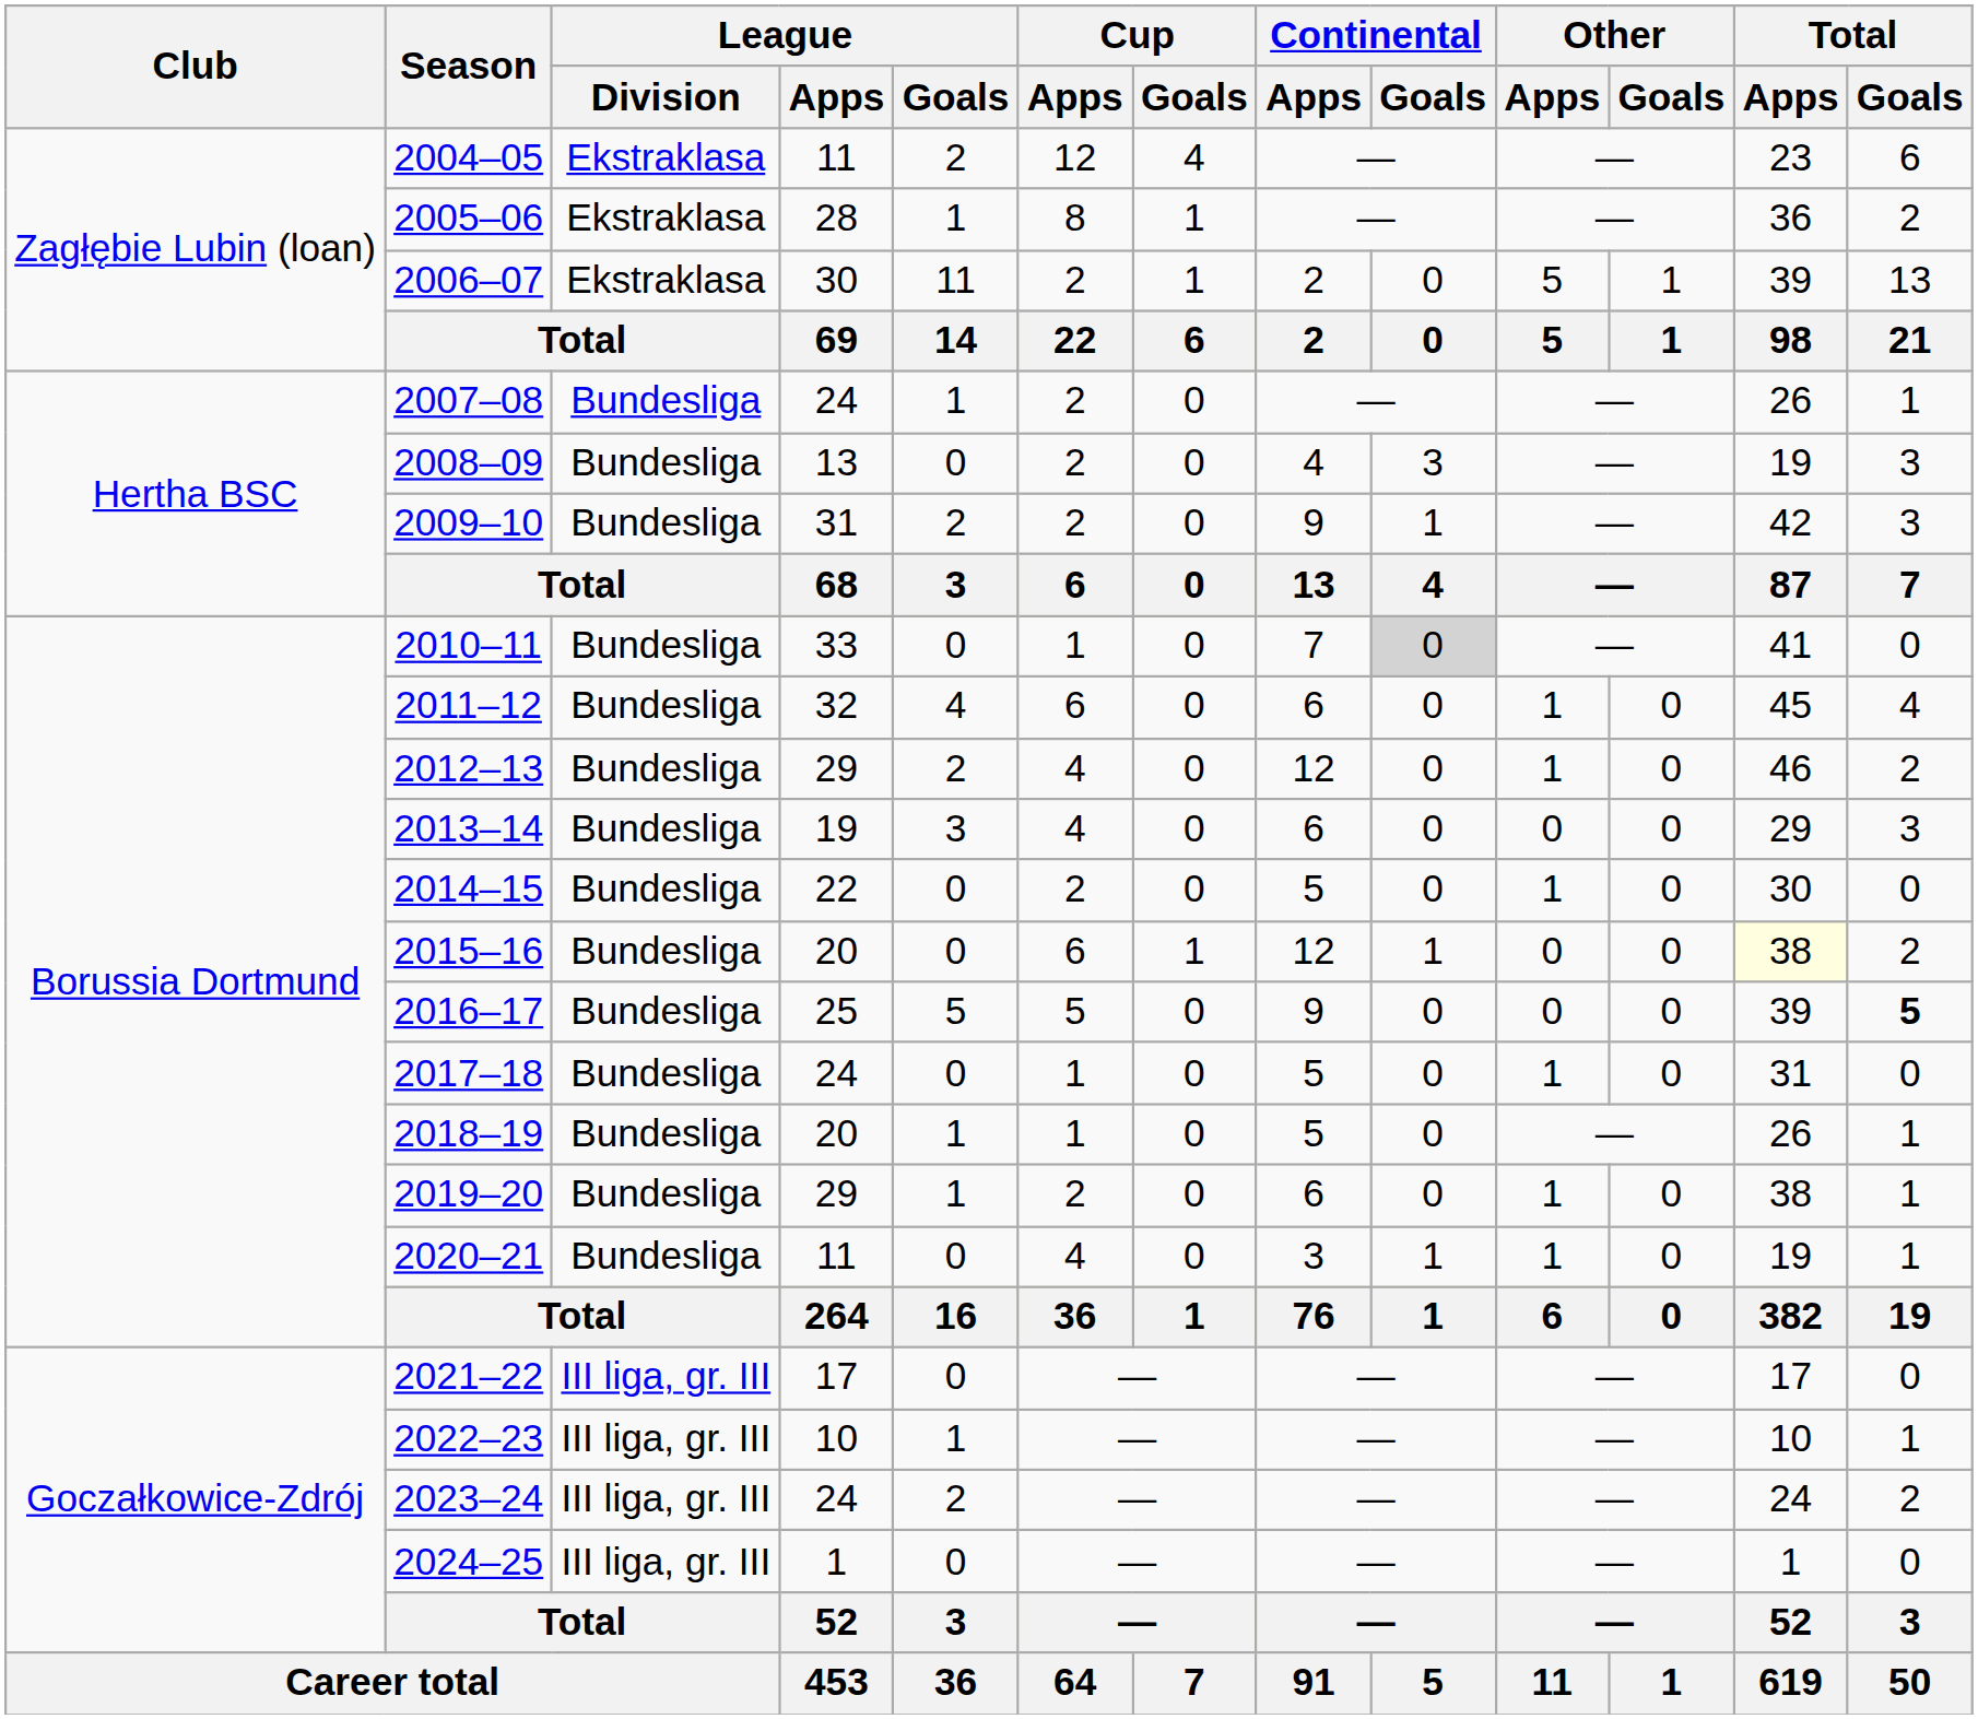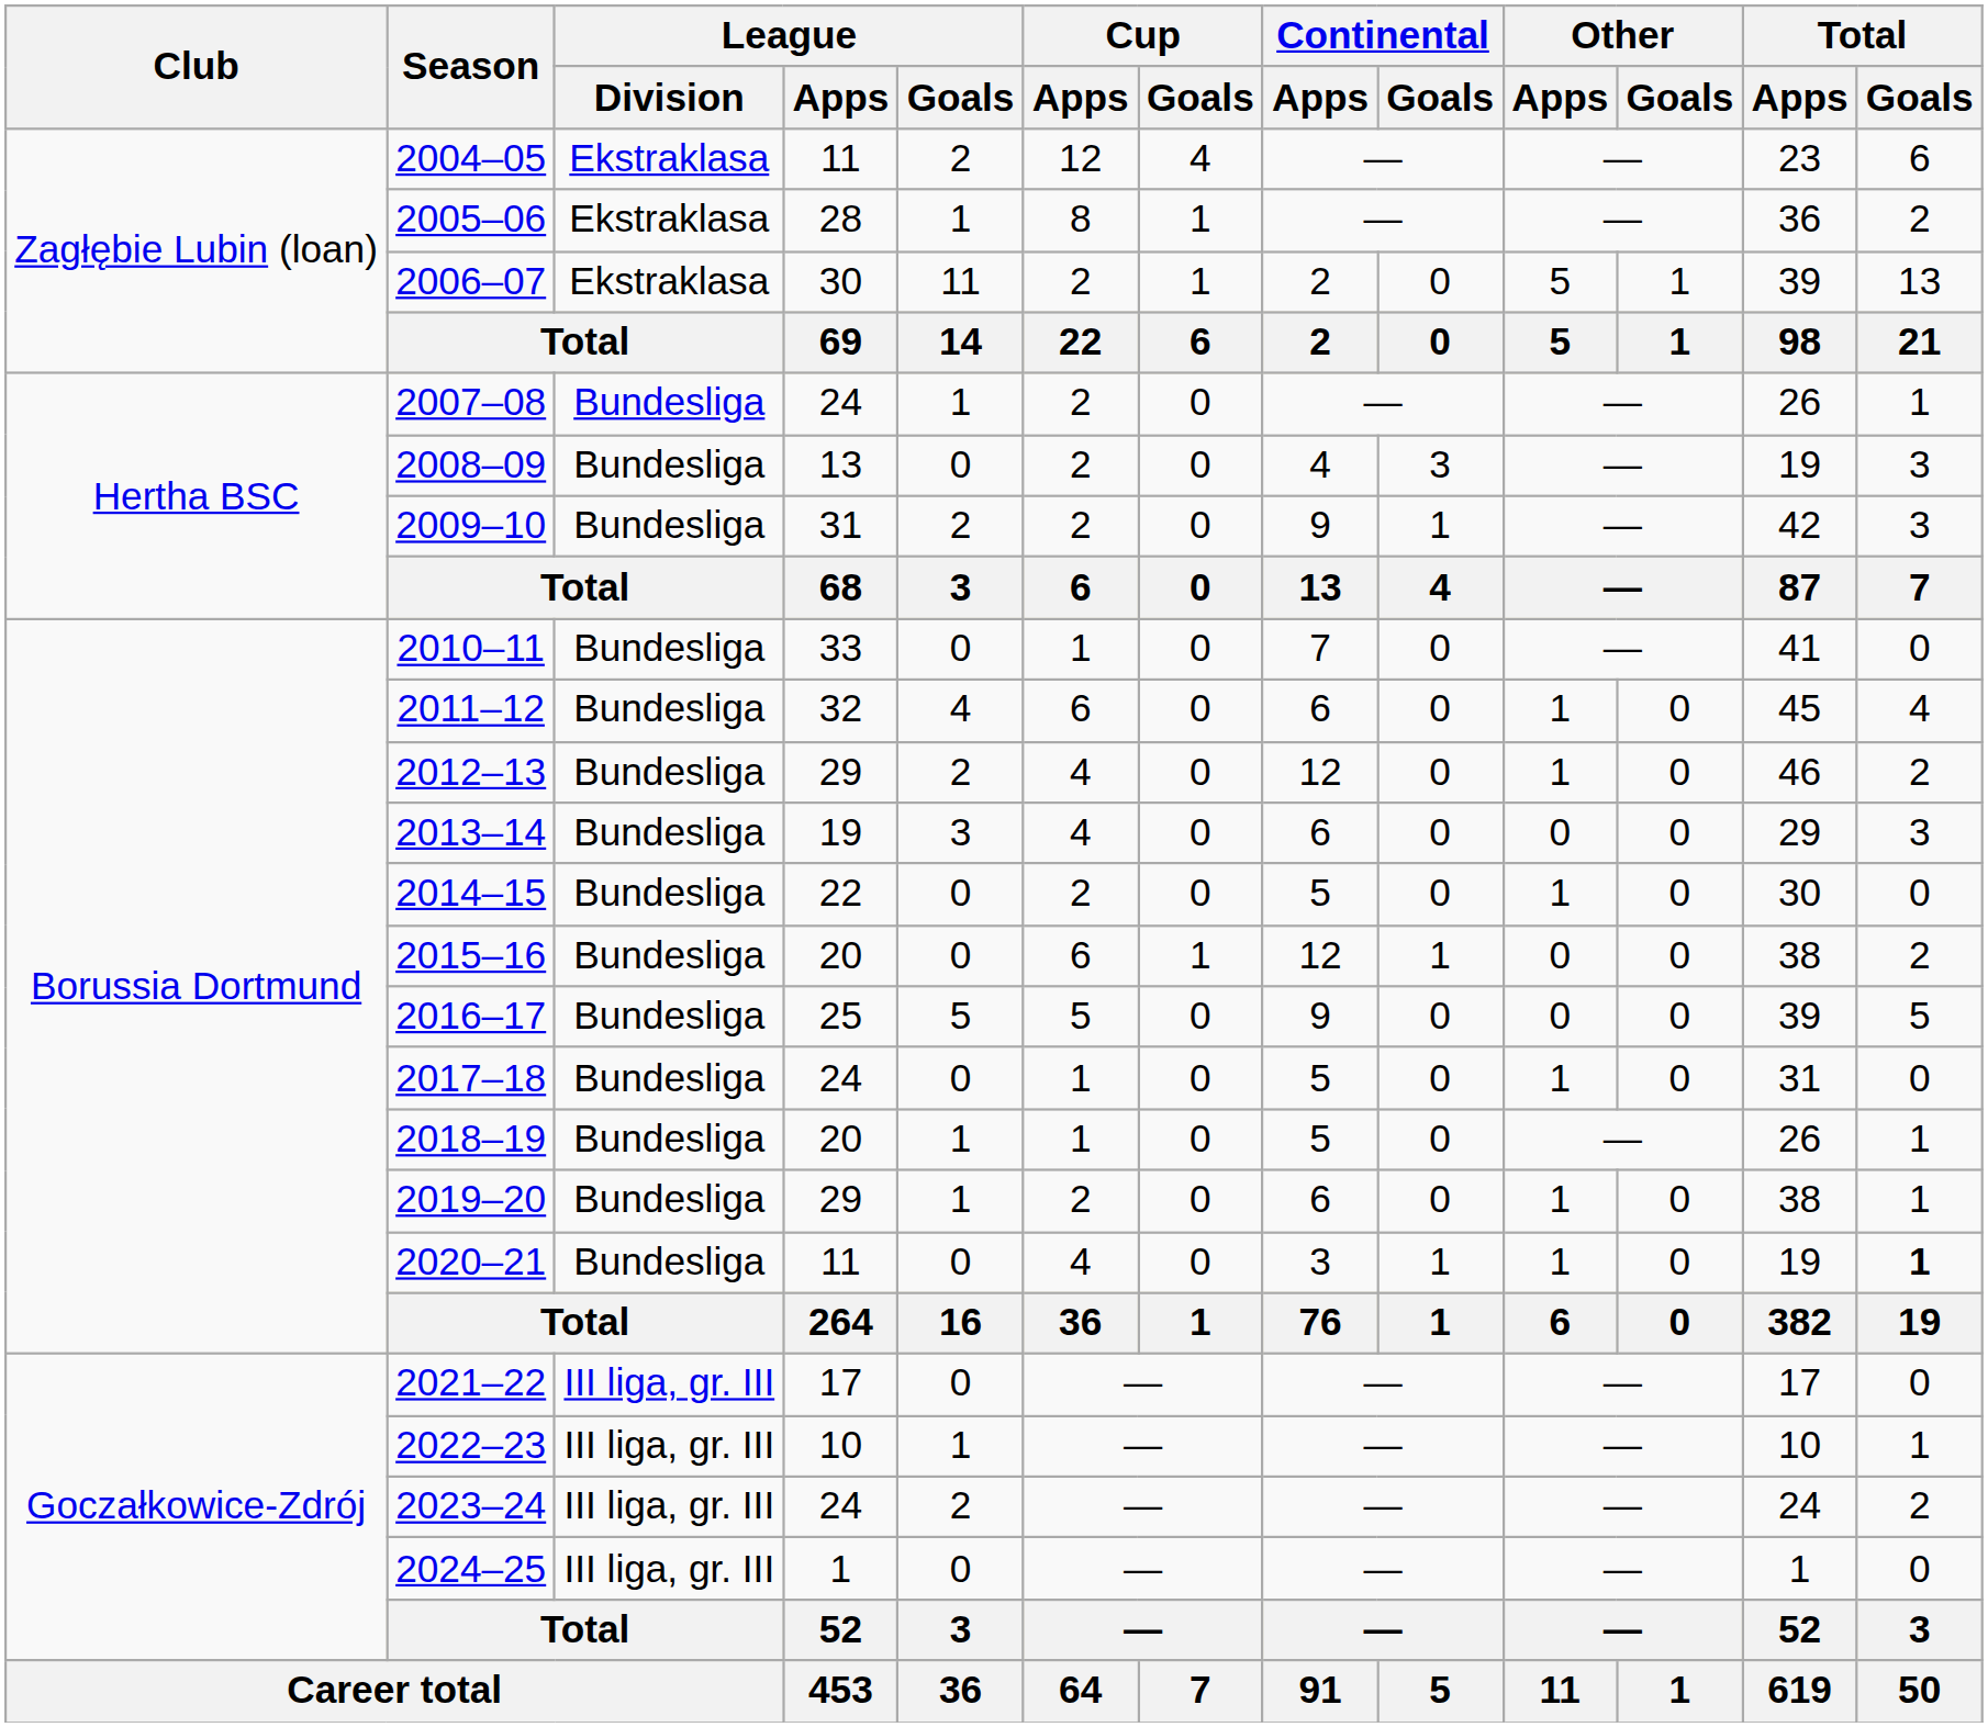 <table class="wikitable" style="text-align: center;">
 <tr>
 <th rowspan="2">Club</th>
 <th rowspan="2">Season</th>
 <th colspan="3">League</th>
 <th colspan="2">Cup</th>
 <th colspan="2"><a href='#'>Continental</a></th>
 <th colspan="2">Other</th>
 <th colspan="2">Total</th>
 </tr>
 <tr>
 <th>Division</th>
 <th>Apps</th>
 <th>Goals</th>
 <th>Apps</th>
 <th>Goals</th>
 <th>Apps</th>
 <th>Goals</th>
 <th>Apps</th>
 <th>Goals</th>
 <th>Apps</th>
 <th>Goals</th>
 </tr>
 <tr>
 <td rowspan="4" style="vertical-align:center;"><a href='#'>Zagłębie Lubin</a> (loan)</td>
 <td><a href='#'>2004–05</a></td>
 <td><a href='#'>Ekstraklasa</a></td>
 <td>11</td>
 <td>2</td>
 <td>12</td>
 <td>4</td>
 <td colspan="2">—</td>
 <td colspan="2">—</td>
 <td>23</td>
 <td>6</td>
 </tr>
 <tr style="text-align:center;">
 <td><a href='#'>2005–06</a></td>
 <td>Ekstraklasa</td>
 <td>28</td>
 <td>1</td>
 <td>8</td>
 <td>1</td>
 <td colspan="2">—</td>
 <td colspan="2">—</td>
 <td>36</td>
 <td>2</td>
 </tr>
 <tr style="text-align:center;">
 <td><a href='#'>2006–07</a></td>
 <td>Ekstraklasa</td>
 <td>30</td>
 <td>11</td>
 <td>2</td>
 <td>1</td>
 <td>2</td>
 <td>0</td>
 <td>5</td>
 <td>1</td>
 <td>39</td>
 <td>13</td>
 </tr>
 <tr style="background:lemonchiffon">
 <th colspan="2">Total</th>
 <th>69</th>
 <th>14</th>
 <th>22</th>
 <th>6</th>
 <th>2</th>
 <th>0</th>
 <th>5</th>
 <th>1</th>
 <th>98</th>
 <th>21</th>
 </tr>
 <tr style="text-align:center;">
 <td rowspan="4" style="vertical-align:center;"><a href='#'>Hertha BSC</a></td>
 <td><a href='#'>2007–08</a></td>
 <td><a href='#'>Bundesliga</a></td>
 <td>24</td>
 <td>1</td>
 <td>2</td>
 <td>0</td>
 <td colspan="2">—</td>
 <td colspan="2">—</td>
 <td>26</td>
 <td>1</td>
 </tr>
 <tr style="text-align:center;">
 <td><a href='#'>2008–09</a></td>
 <td>Bundesliga</td>
 <td>13</td>
 <td>0</td>
 <td>2</td>
 <td>0</td>
 <td>4</td>
 <td>3</td>
 <td colspan="2">—</td>
 <td>19</td>
 <td>3</td>
 </tr>
 <tr style="text-align:center;">
 <td><a href='#'>2009–10</a></td>
 <td>Bundesliga</td>
 <td>31</td>
 <td>2</td>
 <td>2</td>
 <td>0</td>
 <td>9</td>
 <td>1</td>
 <td colspan="2">—</td>
 <td>42</td>
 <td>3</td>
 </tr>
 <tr style="background:lemonchiffon">
 <th colspan="2">Total</th>
 <th>68</th>
 <th>3</th>
 <th>6</th>
 <th>0</th>
 <th>13</th>
 <th>4</th>
 <th colspan="2">—</th>
 <th>87</th>
 <th>7</th>
 </tr>
 <tr style="text-align:center;">
 <td rowspan="12" style="vertical-align:center;"><a href='#'>Borussia Dortmund</a></td>
 <td><a href='#'>2010–11</a></td>
 <td>Bundesliga</td>
 <td>33</td>
 <td>0</td>
 <td>1</td>
 <td>0</td>
 <td>7</td>
-<td style="background: lightgrey;">0</td>
+<td>0</td>
 <td colspan="2">—</td>
 <td>41</td>
 <td>0</td>
 </tr>
 <tr style="text-align:center;">
 <td><a href='#'>2011–12</a></td>
 <td>Bundesliga</td>
 <td>32</td>
 <td>4</td>
 <td>6</td>
 <td>0</td>
 <td>6</td>
 <td>0</td>
 <td>1</td>
 <td>0</td>
 <td>45</td>
 <td>4</td>
 </tr>
 <tr style="text-align:center;">
 <td><a href='#'>2012–13</a></td>
 <td>Bundesliga</td>
 <td>29</td>
 <td>2</td>
 <td>4</td>
 <td>0</td>
 <td>12</td>
 <td>0</td>
 <td>1</td>
 <td>0</td>
 <td>46</td>
 <td>2</td>
 </tr>
 <tr style="text-align:center;">
 <td><a href='#'>2013–14</a></td>
 <td>Bundesliga</td>
 <td>19</td>
 <td>3</td>
 <td>4</td>
 <td>0</td>
 <td>6</td>
 <td>0</td>
 <td>0</td>
 <td>0</td>
 <td>29</td>
 <td>3</td>
 </tr>
 <tr style="text-align:center;">
 <td><a href='#'>2014–15</a></td>
 <td>Bundesliga</td>
 <td>22</td>
 <td>0</td>
 <td>2</td>
 <td>0</td>
 <td>5</td>
 <td>0</td>
 <td>1</td>
 <td>0</td>
 <td>30</td>
 <td>0</td>
 </tr>
 <tr style="text-align:center;">
 <td><a href='#'>2015–16</a></td>
 <td>Bundesliga</td>
 <td>20</td>
 <td>0</td>
 <td>6</td>
 <td>1</td>
 <td>12</td>
 <td>1</td>
 <td>0</td>
 <td>0</td>
-<td style="background: lightyellow;">38</td>
+<td>38</td>
 <td>2</td>
 </tr>
 <tr style="text-align:center;">
 <td><a href='#'>2016–17</a></td>
 <td>Bundesliga</td>
 <td>25</td>
 <td>5</td>
 <td>5</td>
 <td>0</td>
 <td>9</td>
 <td>0</td>
 <td>0</td>
 <td>0</td>
 <td>39</td>
-<td><strong>5</strong></td>
+<td>5</td>
 </tr>
 <tr style="text-align:center;">
 <td><a href='#'>2017–18</a></td>
 <td>Bundesliga</td>
 <td>24</td>
 <td>0</td>
 <td>1</td>
 <td>0</td>
 <td>5</td>
 <td>0</td>
 <td>1</td>
 <td>0</td>
 <td>31</td>
 <td>0</td>
 </tr>
 <tr style="text-align:center;">
 <td><a href='#'>2018–19</a></td>
 <td>Bundesliga</td>
 <td>20</td>
 <td>1</td>
 <td>1</td>
 <td>0</td>
 <td>5</td>
 <td>0</td>
 <td colspan="2">—</td>
 <td>26</td>
 <td>1</td>
 </tr>
 <tr style="text-align:center;">
 <td><a href='#'>2019–20</a></td>
 <td>Bundesliga</td>
 <td>29</td>
 <td>1</td>
 <td>2</td>
 <td>0</td>
 <td>6</td>
 <td>0</td>
 <td>1</td>
 <td>0</td>
 <td>38</td>
 <td>1</td>
 </tr>
 <tr style="text-align:center;">
 <td><a href='#'>2020–21</a></td>
 <td>Bundesliga</td>
 <td>11</td>
 <td>0</td>
 <td>4</td>
 <td>0</td>
 <td>3</td>
 <td>1</td>
 <td>1</td>
 <td>0</td>
 <td>19</td>
-<td>1</td>
+<td><strong>1</strong></td>
 </tr>
 <tr style="background:lemonchiffon">
 <th colspan="2">Total</th>
 <th>264</th>
 <th>16</th>
 <th>36</th>
 <th>1</th>
 <th>76</th>
 <th>1</th>
 <th>6</th>
 <th>0</th>
 <th>382</th>
 <th>19</th>
 </tr>
 <tr style="text-align:center;">
 <td rowspan="5" style="vertical-align:center;"><a href='#'>Goczałkowice-Zdrój</a></td>
 <td><a href='#'>2021–22</a></td>
 <td><a href='#'>III liga, gr. III</a></td>
 <td>17</td>
 <td>0</td>
 <td colspan="2">—</td>
 <td colspan="2">—</td>
 <td colspan="2">—</td>
 <td>17</td>
 <td>0</td>
 </tr>
 <tr style="text-align:center;">
 <td><a href='#'>2022–23</a></td>
 <td>III liga, gr. III</td>
 <td>10</td>
 <td>1</td>
 <td colspan="2">—</td>
 <td colspan="2">—</td>
 <td colspan="2">—</td>
 <td>10</td>
 <td>1</td>
 </tr>
 <tr style="text-align:center;">
 <td><a href='#'>2023–24</a></td>
 <td>III liga, gr. III</td>
 <td>24</td>
 <td>2</td>
 <td colspan="2">—</td>
 <td colspan="2">—</td>
 <td colspan="2">—</td>
 <td>24</td>
 <td>2</td>
 </tr>
 <tr style="text-align:center;">
 <td><a href='#'>2024–25</a></td>
 <td>III liga, gr. III</td>
 <td>1</td>
 <td>0</td>
 <td colspan="2">—</td>
 <td colspan="2">—</td>
 <td colspan="2">—</td>
 <td>1</td>
 <td>0</td>
 </tr>
 <tr style="background:lemonchiffon">
 <th colspan="2">Total</th>
 <th>52</th>
 <th>3</th>
 <th colspan="2">—</th>
 <th colspan="2">—</th>
 <th colspan="2">—</th>
 <th>52</th>
 <th>3</th>
 </tr>
 <tr style="text-align:center;">
 <th colspan="3">Career total</th>
 <th>453</th>
 <th>36</th>
 <th>64</th>
 <th>7</th>
 <th>91</th>
 <th>5</th>
 <th>11</th>
 <th>1</th>
 <th>619</th>
 <th>50</th>
 </tr>
 </table>
